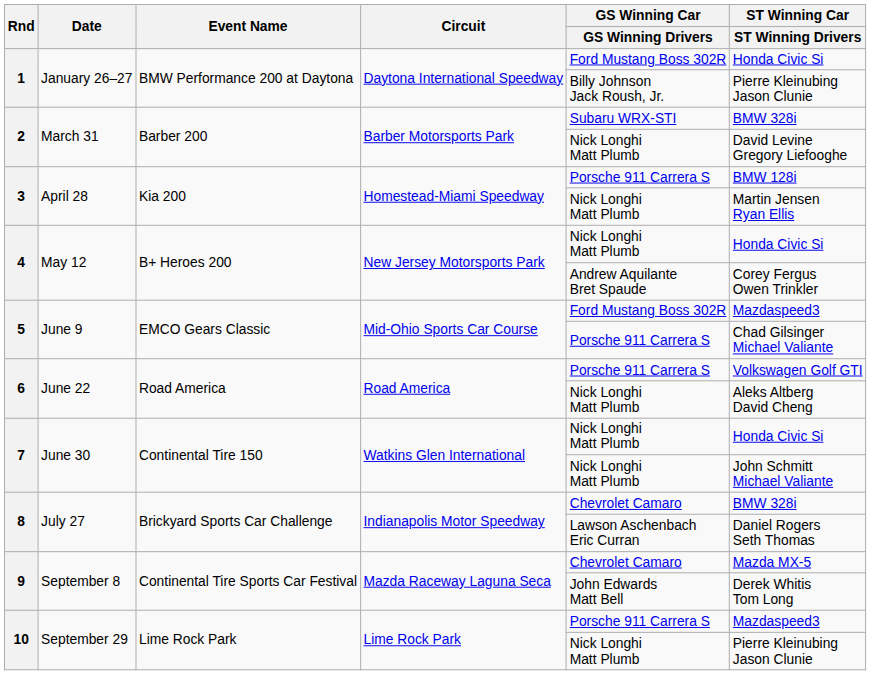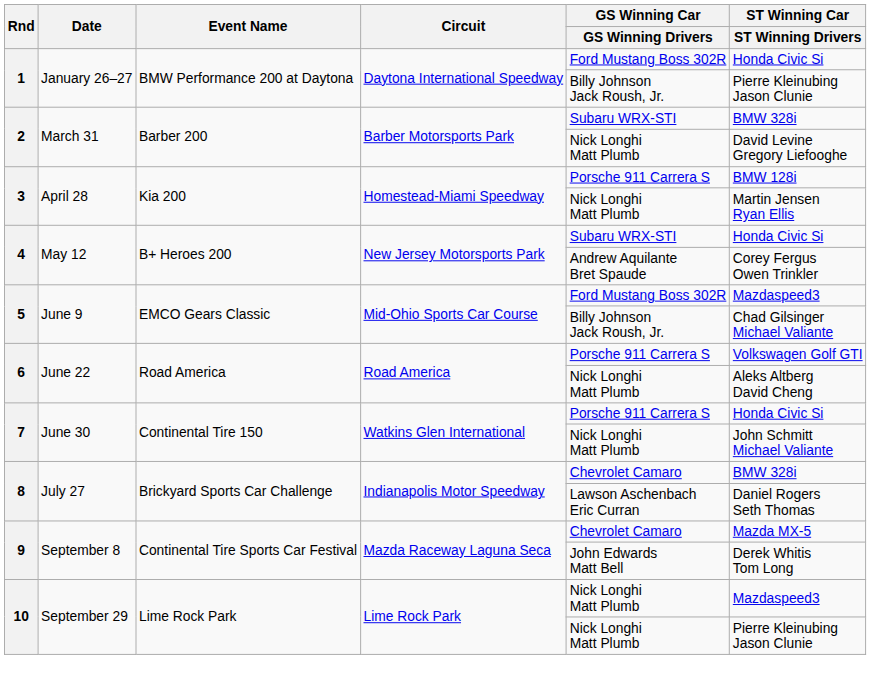 <table class="wikitable" style="font-size:90%">
 <tr>
 <th rowspan=2>Rnd</th>
 <th rowspan=2>Date</th>
 <th rowspan=2>Event Name</th>
 <th rowspan=2>Circuit</th>
 <th>GS Winning Car</th>
 <th>ST Winning Car</th>
 </tr>
 <tr>
 <th>GS Winning Drivers</th>
 <th>ST Winning Drivers</th>
 </tr>
 <tr>
 <th rowspan=2>1</th>
 <td rowspan=2>January 26–27</td>
 <td rowspan=2>BMW Performance 200 at Daytona</td>
 <td rowspan=2><a href='#'>Daytona International Speedway</a></td>
 <td><a href='#'>Ford Mustang Boss 302R</a></td>
 <td><a href='#'>Honda Civic Si</a></td>
 </tr>
 <tr>
 <td> Billy Johnson<br> Jack Roush, Jr.</td>
 <td> Pierre Kleinubing<br> Jason Clunie</td>
 </tr>
 <tr>
 <th rowspan=2>2</th>
 <td rowspan=2>March 31</td>
 <td rowspan=2>Barber 200</td>
 <td rowspan=2><a href='#'>Barber Motorsports Park</a></td>
 <td><a href='#'>Subaru WRX-STI</a></td>
 <td><a href='#'>BMW 328i</a></td>
 </tr>
 <tr>
 <td> Nick Longhi<br> Matt Plumb</td>
 <td> David Levine<br> Gregory Liefooghe</td>
 </tr>
 <tr>
 <th rowspan=2>3</th>
 <td rowspan=2>April 28</td>
 <td rowspan=2>Kia 200</td>
 <td rowspan=2><a href='#'>Homestead-Miami Speedway</a></td>
 <td><a href='#'>Porsche 911 Carrera S</a></td>
 <td><a href='#'>BMW 128i</a></td>
 </tr>
 <tr>
 <td> Nick Longhi<br> Matt Plumb</td>
 <td> Martin Jensen<br> <a href='#'>Ryan Ellis</a></td>
 </tr>
 <tr>
 <th rowspan=2>4</th>
 <td rowspan=2>May 12</td>
 <td rowspan=2>B+ Heroes 200</td>
 <td rowspan=2><a href='#'>New Jersey Motorsports Park</a></td>
-<td> Nick Longhi<br> Matt Plumb</td>
+<td><a href='#'>Subaru WRX-STI</a></td>
 <td><a href='#'>Honda Civic Si</a></td>
 </tr>
 <tr>
 <td> Andrew Aquilante<br> Bret Spaude</td>
 <td> Corey Fergus<br> Owen Trinkler</td>
 </tr>
 <tr>
 <th rowspan=2>5</th>
 <td rowspan=2>June 9</td>
 <td rowspan=2>EMCO Gears Classic</td>
 <td rowspan=2><a href='#'>Mid-Ohio Sports Car Course</a></td>
 <td><a href='#'>Ford Mustang Boss 302R</a></td>
 <td><a href='#'>Mazdaspeed3</a></td>
 </tr>
 <tr>
-<td><a href='#'>Porsche 911 Carrera S</a></td>
+<td> Billy Johnson<br> Jack Roush, Jr.</td>
 <td> Chad Gilsinger<br> <a href='#'>Michael Valiante</a></td>
 </tr>
 <tr>
 <th rowspan=2>6</th>
 <td rowspan=2>June 22</td>
 <td rowspan=2>Road America</td>
 <td rowspan=2><a href='#'>Road America</a></td>
 <td><a href='#'>Porsche 911 Carrera S</a></td>
 <td><a href='#'>Volkswagen Golf GTI</a></td>
 </tr>
 <tr>
 <td> Nick Longhi<br> Matt Plumb</td>
 <td> Aleks Altberg<br> David Cheng</td>
 </tr>
 <tr>
 <th rowspan=2>7</th>
 <td rowspan=2>June 30</td>
 <td rowspan=2>Continental Tire 150</td>
 <td rowspan=2><a href='#'>Watkins Glen International</a></td>
-<td> Nick Longhi<br> Matt Plumb</td>
+<td><a href='#'>Porsche 911 Carrera S</a></td>
 <td><a href='#'>Honda Civic Si</a></td>
 </tr>
 <tr>
 <td> Nick Longhi<br> Matt Plumb</td>
 <td> John Schmitt<br> <a href='#'>Michael Valiante</a></td>
 </tr>
 <tr>
 <th rowspan=2>8</th>
 <td rowspan=2>July 27</td>
 <td rowspan=2>Brickyard Sports Car Challenge</td>
 <td rowspan=2><a href='#'>Indianapolis Motor Speedway</a></td>
 <td><a href='#'>Chevrolet Camaro</a></td>
 <td><a href='#'>BMW 328i</a></td>
 </tr>
 <tr>
 <td> Lawson Aschenbach<br> Eric Curran</td>
 <td> Daniel Rogers<br> Seth Thomas</td>
 </tr>
 <tr>
 <th rowspan=2>9</th>
 <td rowspan=2>September 8</td>
 <td rowspan=2>Continental Tire Sports Car Festival</td>
 <td rowspan=2><a href='#'>Mazda Raceway Laguna Seca</a></td>
 <td><a href='#'>Chevrolet Camaro</a></td>
 <td><a href='#'>Mazda MX-5</a></td>
 </tr>
 <tr>
 <td> John Edwards<br> Matt Bell</td>
 <td> Derek Whitis<br> Tom Long</td>
 </tr>
 <tr>
 <th rowspan=2>10</th>
 <td rowspan=2>September 29</td>
 <td rowspan=2>Lime Rock Park</td>
 <td rowspan=2><a href='#'>Lime Rock Park</a></td>
-<td><a href='#'>Porsche 911 Carrera S</a></td>
+<td> Nick Longhi<br> Matt Plumb</td>
 <td><a href='#'>Mazdaspeed3</a></td>
 </tr>
 <tr>
 <td> Nick Longhi<br> Matt Plumb</td>
 <td> Pierre Kleinubing<br> Jason Clunie</td>
 </tr>
 </table>
